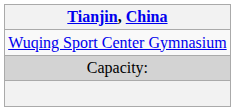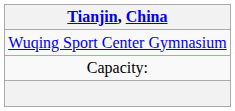 <table class="wikitable" style="text-align:center;">
 <tr>
 <th><a href='#'>Tianjin</a>, <a href='#'>China</a></th>
 </tr>
 <tr>
 <td><a href='#'>Wuqing Sport Center Gymnasium</a></td>
 </tr>
 <tr>
-<td style="background: lightgrey;">Capacity:</td>
+<td>Capacity:</td>
 </tr>
 <tr>
 <th><br></th>
 </tr>
 </table>
